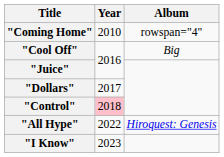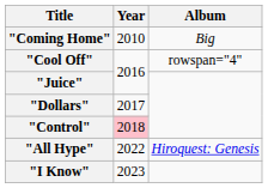 <table class="wikitable plainrowheaders" style="text-align:center">
 <tr>
 <th>Title</th>
 <th>Year</th>
 <th>Album</th>
 </tr>
 <tr>
 <th scope="row">"Coming Home"<br></th>
 <td>2010</td>
-<td>rowspan="4" </td>
+<td><em>Big</em></td>
 </tr>
 <tr>
 <th scope="row">"Cool Off"<br></th>
 <td rowspan="2">2016</td>
-<td><em>Big</em></td>
+<td>rowspan="4" </td>
 </tr>
 <tr>
 <th scope="row">"Juice"<br></th>
 </tr>
 <tr>
 <th scope="row">"Dollars"<br></th>
 <td>2017</td>
 </tr>
 <tr>
 <th scope="row">"Control"<br></th>
 <td style="background: pink;">2018</td>
 </tr>
 <tr>
 <th scope="row">"All Hype"<br></th>
 <td>2022</td>
 <td><em><a href='#'>Hiroquest: Genesis</a></em></td>
 </tr>
 <tr>
 <th scope="row">"I Know"<br></th>
 <td>2023</td>
 <td></td>
 </tr>
 </table>
